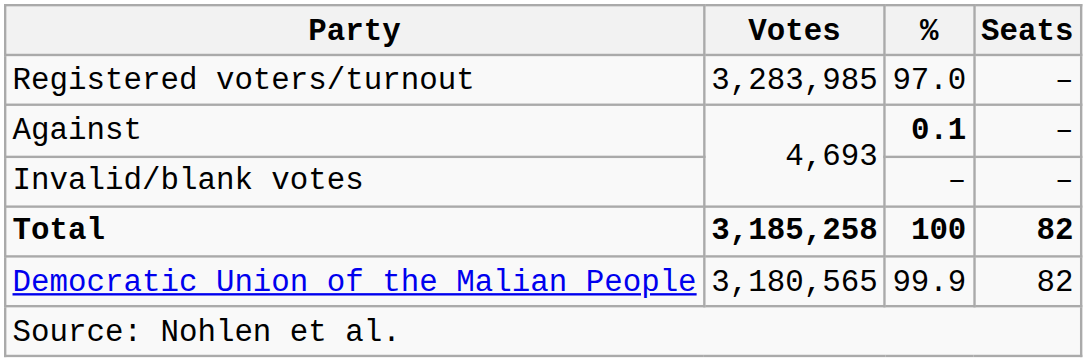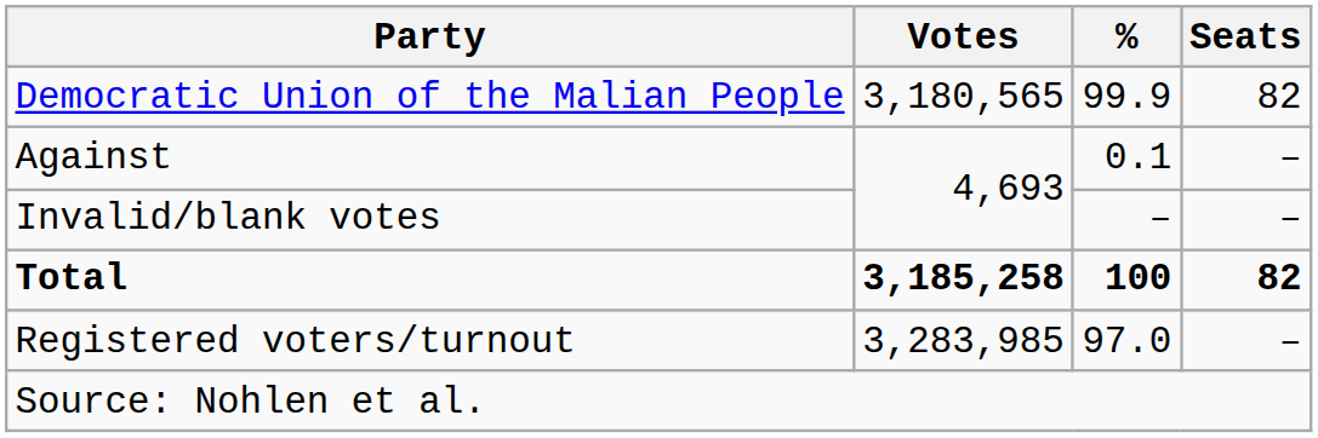 <table class=wikitable style=text-align:right>
 <tr>
 <th>Party</th>
 <th>Votes</th>
 <th>%</th>
 <th>Seats</th>
 </tr>
 <tr>
-<td align=left>Registered voters/turnout</td>
-<td>3,283,985</td>
-<td>97.0</td>
-<td>–</td>
+<td align=left><a href='#'>Democratic Union of the Malian People</a></td>
+<td>3,180,565</td>
+<td>99.9</td>
+<td>82</td>
 </tr>
 <tr>
 <td align=left>Against</td>
 <td rowspan=2>4,693</td>
-<td><strong>0.1</strong></td>
+<td>0.1</td>
 <td>–</td>
 </tr>
 <tr>
 <td align=left>Invalid/blank votes</td>
 <td>–</td>
 <td>–</td>
 </tr>
 <tr>
 <td align=left><strong>Total</strong></td>
 <td><strong>3,185,258</strong></td>
 <td><strong>100</strong></td>
 <td><strong>82</strong></td>
 </tr>
 <tr>
-<td align=left><a href='#'>Democratic Union of the Malian People</a></td>
-<td>3,180,565</td>
-<td>99.9</td>
-<td>82</td>
+<td align=left>Registered voters/turnout</td>
+<td>3,283,985</td>
+<td>97.0</td>
+<td>–</td>
 </tr>
 <tr>
 <td align=left colspan=4>Source: Nohlen et al.</td>
 </tr>
 </table>
